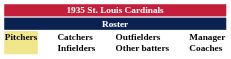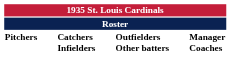 <table class="toccolours" style="font-size: 95%;">
 <tr>
 <th colspan="10" style="background-color: #c41e3a; color: white; text-align: center;">1935 St. Louis Cardinals</th>
 </tr>
 <tr>
 <td colspan="10" style="background-color: #0a2252; color: white; text-align: center;"><strong>Roster</strong></td>
 </tr>
 <tr>
-<td valign="top" style="background: khaki;"><strong>Pitchers</strong><br>                </td>
+<td valign="top"><strong>Pitchers</strong><br>                </td>
 <td width="25px"></td>
 <td valign="top"><strong>Catchers</strong><br>    <strong>Infielders</strong>        </td>
 <td width="25px"></td>
 <td valign="top"><strong>Outfielders</strong><br>      <strong>Other batters</strong> </td>
 <td width="25px"></td>
 <td valign="top"><strong>Manager</strong><br> <strong>Coaches</strong>  </td>
 </tr>
 </table>
